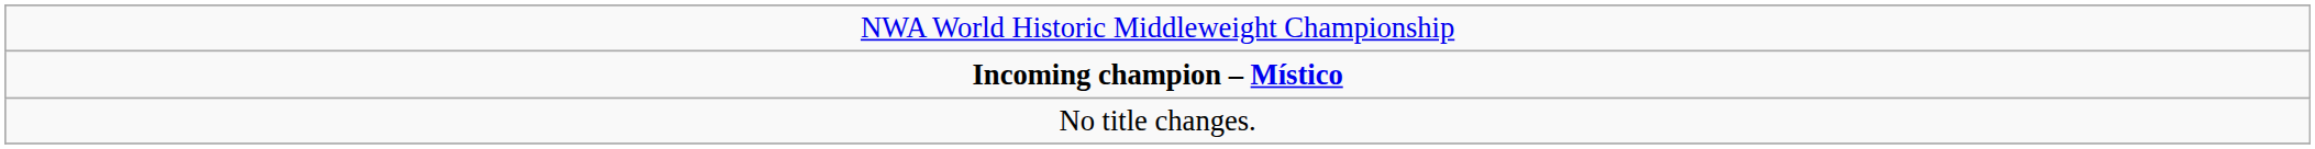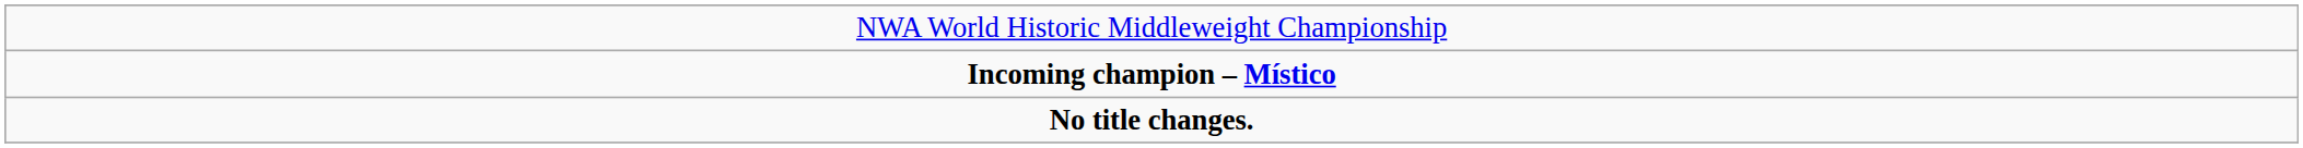 <table class="wikitable" style="text-align:center; width:100%;">
 <tr>
 <td style="text-align: center;"><a href='#'>NWA World Historic Middleweight Championship</a></td>
 </tr>
 <tr>
 <td style="text-align: center;"><strong>Incoming champion – <a href='#'>Místico</a></strong></td>
 </tr>
 <tr>
-<td>No title changes.</td>
+<td><strong>No title changes.</strong></td>
 </tr>
 </table>
